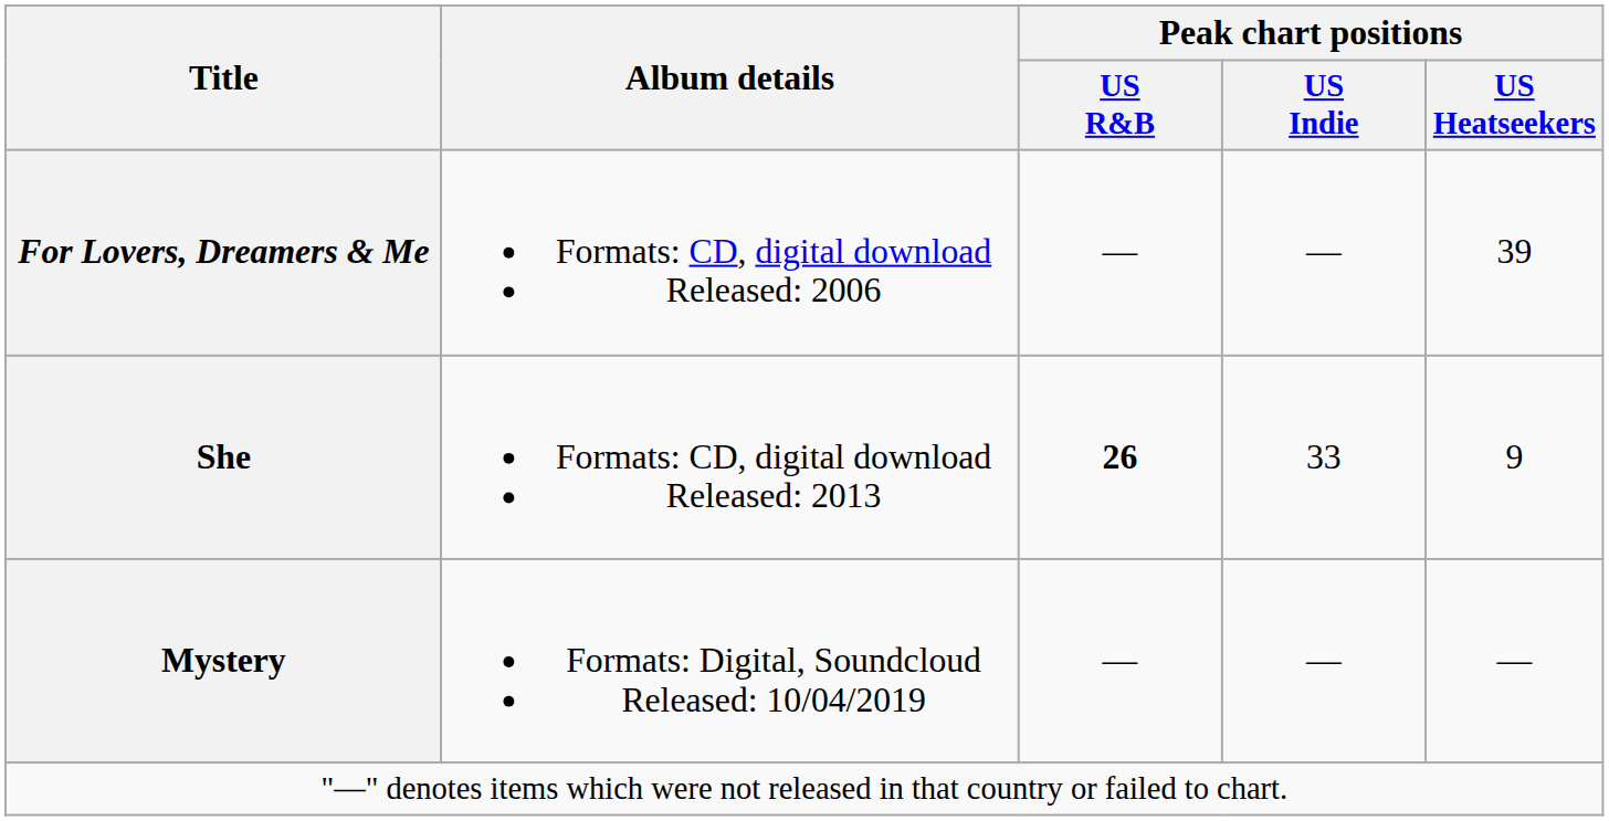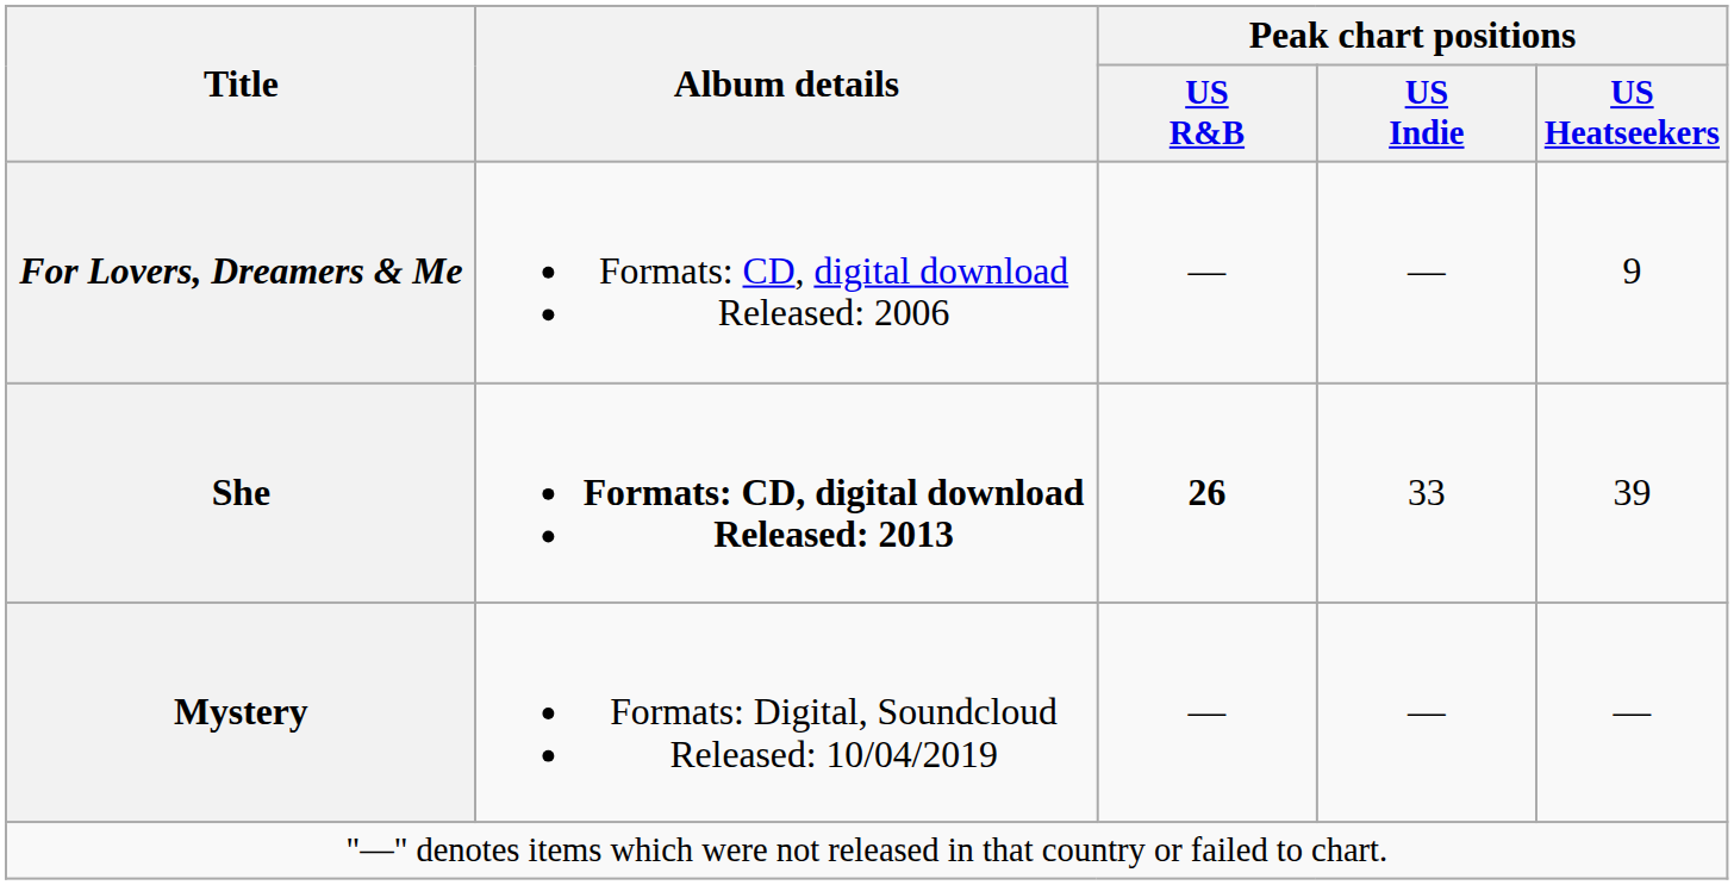 <table class="wikitable plainrowheaders" style="text-align:center;" border="1">
 <tr>
 <th scope="col" rowspan="2" style="width:12em;">Title</th>
 <th scope="col" rowspan="2" style="width:16em;">Album details</th>
 <th scope="col" colspan="3">Peak chart positions</th>
 </tr>
 <tr>
 <th scope="col" style="width:6em;font-size:90%;"><a href='#'>US<br>R&B</a><br></th>
 <th scope="col" style="width:6em;font-size:90%;"><a href='#'>US<br>Indie</a><br></th>
 <th scope="col" style="width:4em;font-size:90%;"><a href='#'>US<br>Heatseekers</a><br></th>
 </tr>
 <tr>
 <th scope="row"><em>For Lovers, Dreamers & Me<strong></th>
 <td><br><ul><li>Formats: <a href='#'>CD</a>, <a href='#'>digital download</a></li><li>Released: 2006</li></ul></td>
 <td>—</td>
 <td>—</td>
-<td>39</td>
+<td>9</td>
 </tr>
 <tr>
 <th scope="row"></em>She <em></th>
-<td><br><ul><li>Formats: CD, digital download</li><li>Released: 2013</li></ul></td>
+<td><strong><br><ul><li>Formats: CD, digital download</li><li>Released: 2013</li></ul></strong></td>
 <td><strong>26</strong></td>
 <td>33</td>
-<td>9</td>
+<td>39</td>
 </tr>
 <tr>
 <th scope="row"></em>Mystery<em></th>
 <td><br><ul><li>Formats: Digital, Soundcloud</li><li>Released: 10/04/2019</li></ul></td>
 <td>—</td>
 <td>—</td>
 <td>—</td>
 </tr>
 <tr>
 <td colspan="20" align="center" style="font-size:90%;">"—" denotes items which were not released in that country or failed to chart.</td>
 </tr>
 </table>
